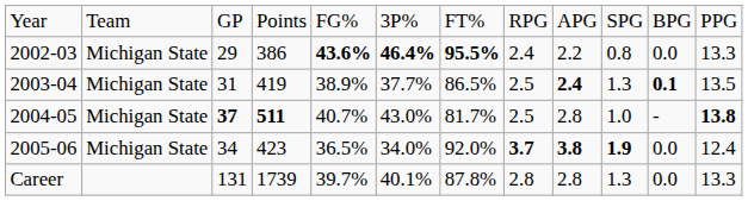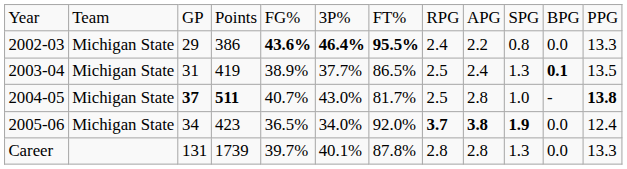 <table class="wikitable">
 <tr>
 <td>Year</td>
 <td>Team</td>
 <td>GP</td>
 <td>Points</td>
 <td>FG%</td>
 <td>3P%</td>
 <td>FT%</td>
 <td>RPG</td>
 <td>APG</td>
 <td>SPG</td>
 <td>BPG</td>
 <td>PPG</td>
 </tr>
 <tr>
 <td>2002-03</td>
 <td>Michigan State</td>
 <td>29</td>
 <td>386</td>
 <td><strong>43.6%</strong></td>
 <td><strong>46.4%</strong></td>
 <td><strong>95.5%</strong></td>
 <td>2.4</td>
 <td>2.2</td>
 <td>0.8</td>
 <td>0.0</td>
 <td>13.3</td>
 </tr>
 <tr>
 <td>2003-04</td>
 <td>Michigan State</td>
 <td>31</td>
 <td>419</td>
 <td>38.9%</td>
 <td>37.7%</td>
 <td>86.5%</td>
 <td>2.5</td>
-<td><strong>2.4</strong></td>
+<td>2.4</td>
 <td>1.3</td>
 <td><strong>0.1</strong></td>
 <td>13.5</td>
 </tr>
 <tr>
 <td>2004-05</td>
 <td>Michigan State</td>
 <td><strong>37</strong></td>
 <td><strong>511</strong></td>
 <td>40.7%</td>
 <td>43.0%</td>
 <td>81.7%</td>
 <td>2.5</td>
 <td>2.8</td>
 <td>1.0</td>
 <td>-</td>
 <td><strong>13.8</strong></td>
 </tr>
 <tr>
 <td>2005-06</td>
 <td>Michigan State</td>
 <td>34</td>
 <td>423</td>
 <td>36.5%</td>
 <td>34.0%</td>
 <td>92.0%</td>
 <td><strong>3.7</strong></td>
 <td><strong>3.8</strong></td>
 <td><strong>1.9</strong></td>
 <td>0.0</td>
 <td>12.4</td>
 </tr>
 <tr>
 <td>Career</td>
 <td></td>
 <td>131</td>
 <td>1739</td>
 <td>39.7%</td>
 <td>40.1%</td>
 <td>87.8%</td>
 <td>2.8</td>
 <td>2.8</td>
 <td>1.3</td>
 <td>0.0</td>
 <td>13.3</td>
 </tr>
 </table>
